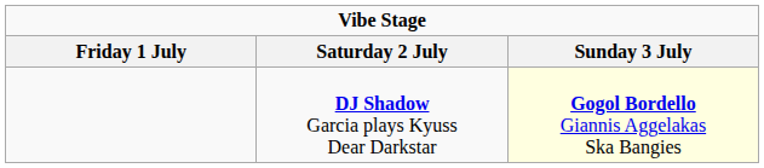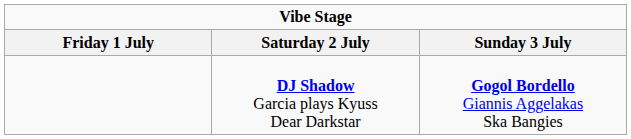 <table class="wikitable">
 <tr>
 <td colspan="3" align="center"><strong>Vibe Stage</strong></td>
 </tr>
 <tr>
 <th>Friday 1 July</th>
 <th>Saturday 2 July</th>
 <th>Sunday 3 July</th>
 </tr>
 <tr>
 <td valign="top" align="center" width=200></td>
 <td valign="top" align="center" width=200><br><strong><a href='#'>DJ Shadow</a></strong> <br>Garcia plays Kyuss <br>Dear Darkstar</td>
-<td valign="top" align="center" width=200 style="background: lightyellow;"><br><strong><a href='#'>Gogol Bordello</a></strong> <br><a href='#'>Giannis Aggelakas</a> <br>Ska Bangies</td>
+<td valign="top" align="center" width=200><br><strong><a href='#'>Gogol Bordello</a></strong> <br><a href='#'>Giannis Aggelakas</a> <br>Ska Bangies</td>
 </tr>
 </table>
